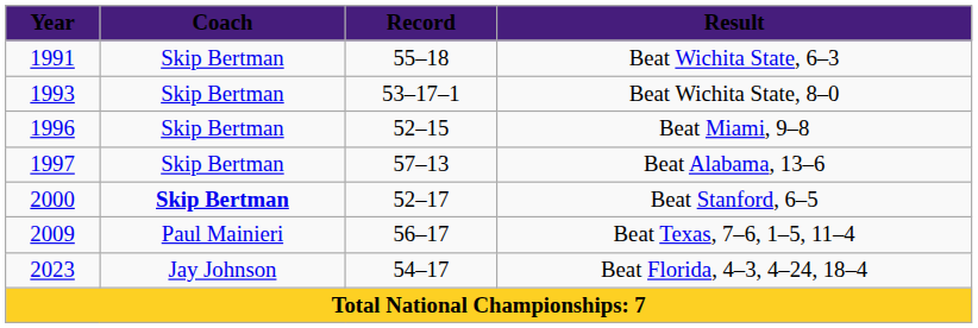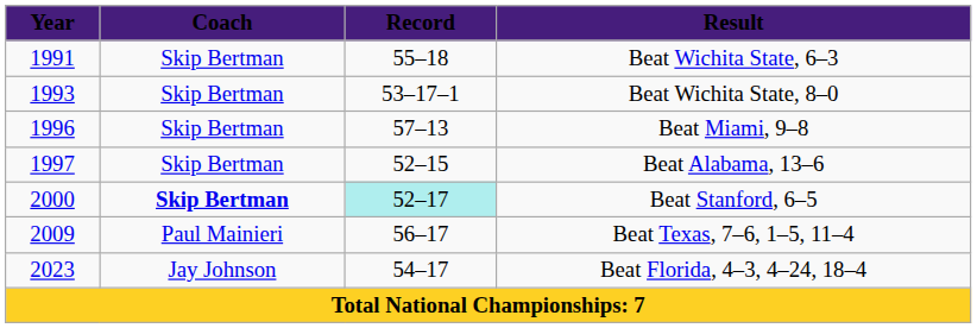 <table class="wikitable sortable" style="width:55%;">
 <tr>
 <th style="background:#461D7C;" align="center"><span>Year</span></th>
 <th style="background:#461D7C;" align="center"><span>Coach</span></th>
 <th style="background:#461D7C;" align="center"><span>Record</span></th>
 <th style="background:#461D7C;" align="center"><span>Result</span></th>
 </tr>
 <tr style="text-align:center;">
 <td><a href='#'>1991</a></td>
 <td><a href='#'>Skip Bertman</a></td>
 <td>55–18</td>
 <td>Beat <a href='#'>Wichita State</a>, 6–3</td>
 </tr>
 <tr style="text-align:center;">
 <td><a href='#'>1993</a></td>
 <td><a href='#'>Skip Bertman</a></td>
 <td>53–17–1</td>
 <td>Beat Wichita State, 8–0</td>
 </tr>
 <tr style="text-align:center;">
 <td><a href='#'>1996</a></td>
 <td><a href='#'>Skip Bertman</a></td>
-<td>52–15</td>
+<td>57–13</td>
 <td>Beat <a href='#'>Miami</a>, 9–8</td>
 </tr>
 <tr style="text-align:center;">
 <td><a href='#'>1997</a></td>
 <td><a href='#'>Skip Bertman</a></td>
-<td>57–13</td>
+<td>52–15</td>
 <td>Beat <a href='#'>Alabama</a>, 13–6</td>
 </tr>
 <tr style="text-align:center;">
 <td><a href='#'>2000</a></td>
 <td><strong><a href='#'>Skip Bertman</a></strong></td>
-<td>52–17</td>
+<td style="background: paleturquoise;">52–17</td>
 <td>Beat <a href='#'>Stanford</a>, 6–5</td>
 </tr>
 <tr style="text-align:center;">
 <td><a href='#'>2009</a></td>
 <td><a href='#'>Paul Mainieri</a></td>
 <td>56–17</td>
 <td>Beat <a href='#'>Texas</a>, 7–6, 1–5, 11–4</td>
 </tr>
 <tr style="text-align:center;">
 <td><a href='#'>2023</a></td>
 <td><a href='#'>Jay Johnson</a></td>
 <td>54–17</td>
 <td>Beat <a href='#'>Florida</a>, 4–3, 4–24, 18–4</td>
 </tr>
 <tr style="color:#000; text-align:center; background:#FDD023;" class="sortbottom">
 <td colspan="4" !><strong>Total National Championships: 7</strong></td>
 </tr>
 </table>
